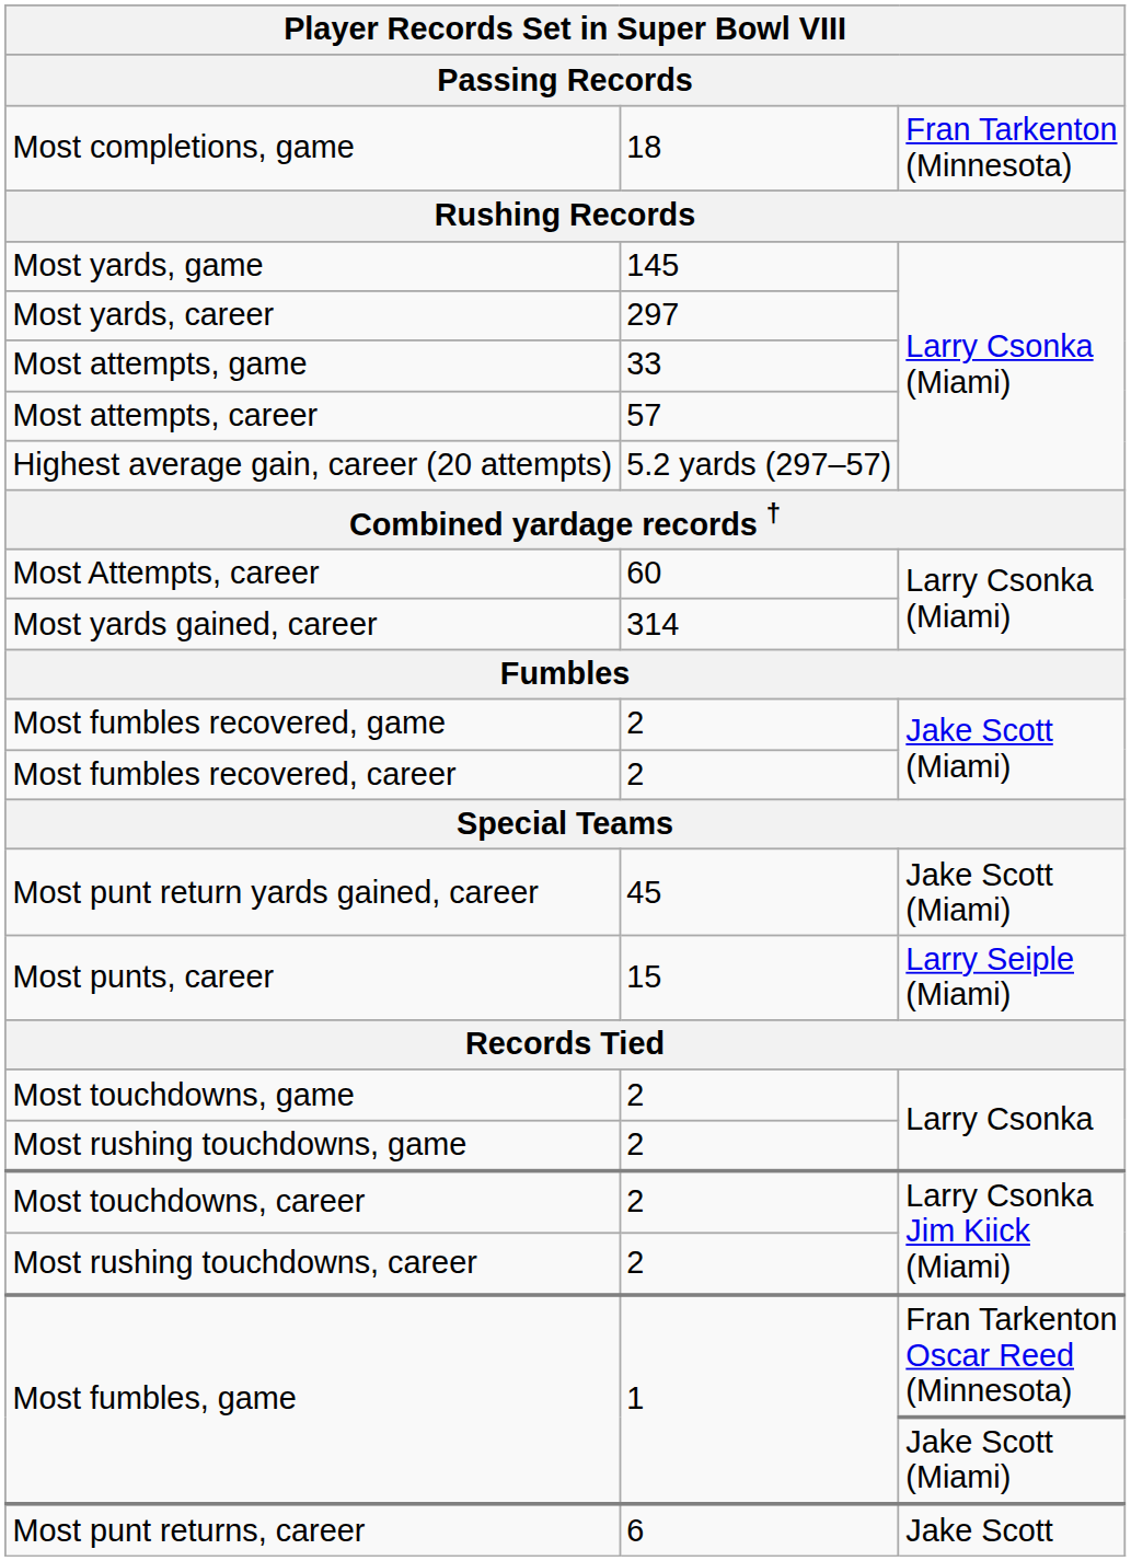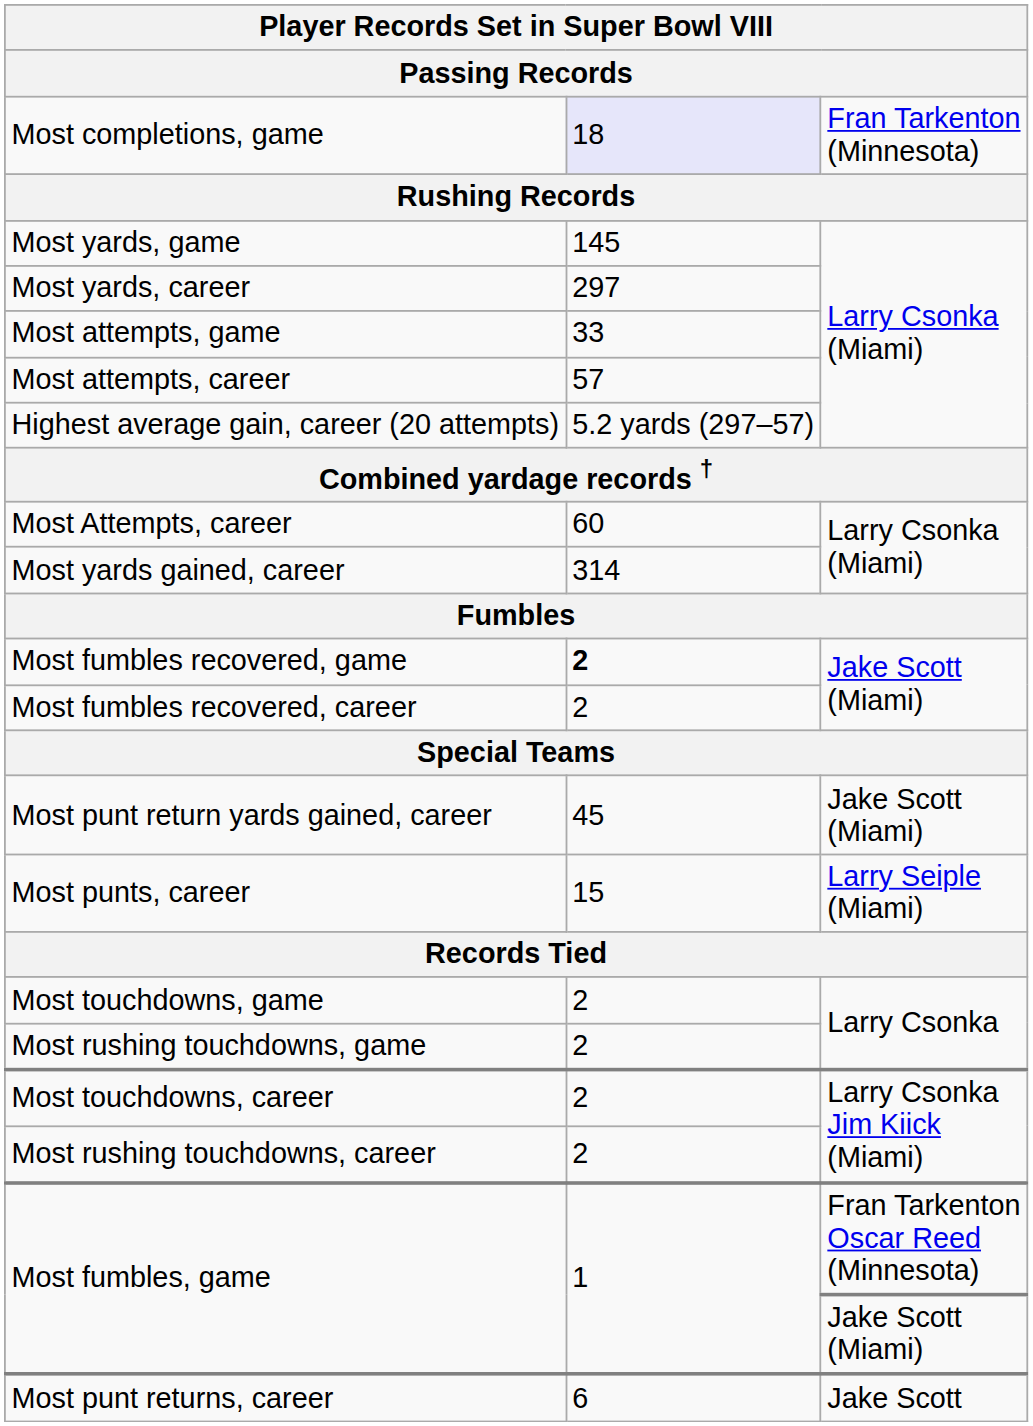 <table class="wikitable">
 <tr>
 <th colspan=3>Player Records Set in Super Bowl VIII</th>
 </tr>
 <tr>
 <th colspan=3>Passing Records</th>
 </tr>
 <tr>
 <td>Most completions, game</td>
-<td>18</td>
+<td style="background: lavender;">18</td>
 <td><a href='#'>Fran Tarkenton</a><br>(Minnesota)</td>
 </tr>
 <tr>
 <th colspan=3>Rushing Records</th>
 </tr>
 <tr>
 <td>Most yards, game</td>
 <td>145</td>
 <td rowspan=5><a href='#'>Larry Csonka</a><br>(Miami)</td>
 </tr>
 <tr>
 <td>Most yards, career</td>
 <td>297</td>
 </tr>
 <tr>
 <td>Most attempts, game</td>
 <td>33</td>
 </tr>
 <tr>
 <td>Most attempts, career</td>
 <td>57</td>
 </tr>
 <tr>
 <td>Highest average gain, career (20 attempts)</td>
 <td>5.2 yards (297–57)</td>
 </tr>
 <tr>
 <th colspan=3>Combined yardage records <sup>†</sup></th>
 </tr>
 <tr>
 <td>Most Attempts, career</td>
 <td>60</td>
 <td rowspan=2>Larry Csonka<br>(Miami)</td>
 </tr>
 <tr>
 <td>Most yards gained, career</td>
 <td>314</td>
 </tr>
 <tr>
 <th colspan=3>Fumbles</th>
 </tr>
 <tr>
 <td>Most fumbles recovered, game</td>
-<td>2</td>
+<td><strong>2</strong></td>
 <td rowspan=2><a href='#'>Jake Scott</a><br>(Miami)</td>
 </tr>
 <tr>
 <td>Most fumbles recovered, career</td>
 <td>2</td>
 </tr>
 <tr>
 <th colspan=3>Special Teams</th>
 </tr>
 <tr>
 <td>Most punt return yards gained, career</td>
 <td>45</td>
 <td>Jake Scott<br>(Miami)</td>
 </tr>
 <tr>
 <td>Most punts, career</td>
 <td>15</td>
 <td><a href='#'>Larry Seiple</a><br>(Miami)</td>
 </tr>
 <tr>
 <th colspan=3>Records Tied</th>
 </tr>
 <tr>
 <td>Most touchdowns, game</td>
 <td>2</td>
 <td rowspan=2>Larry Csonka</td>
 </tr>
 <tr style="border-bottom: 2px solid gray">
 <td>Most rushing touchdowns, game</td>
 <td>2</td>
 </tr>
 <tr>
 <td>Most touchdowns, career</td>
 <td>2</td>
 <td rowspan=2>Larry Csonka<br><a href='#'>Jim Kiick</a><br>(Miami)</td>
 </tr>
 <tr style="border-bottom: 2px solid gray">
 <td>Most rushing touchdowns, career</td>
 <td>2</td>
 </tr>
 <tr style="border-bottom: 2px solid gray">
 <td rowspan=2>Most fumbles, game</td>
 <td rowspan=2>1</td>
 <td>Fran Tarkenton<br> <a href='#'>Oscar Reed</a><br>(Minnesota)</td>
 </tr>
 <tr style="border-bottom: 2px solid gray">
 <td>Jake Scott<br>(Miami)</td>
 </tr>
 <tr>
 <td>Most punt returns, career</td>
 <td>6</td>
 <td>Jake Scott</td>
 </tr>
 </table>
